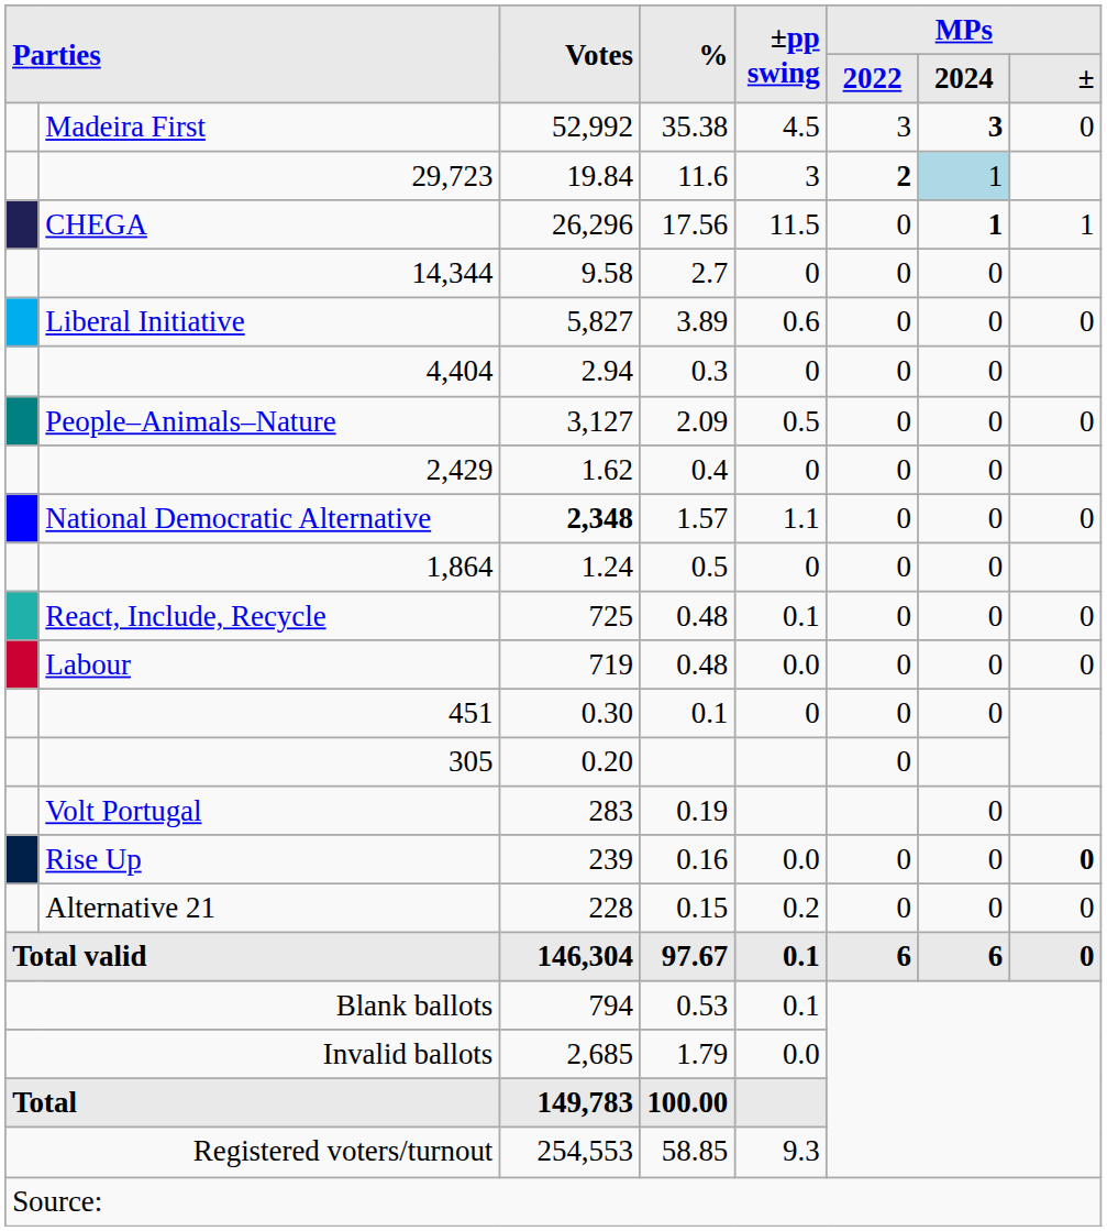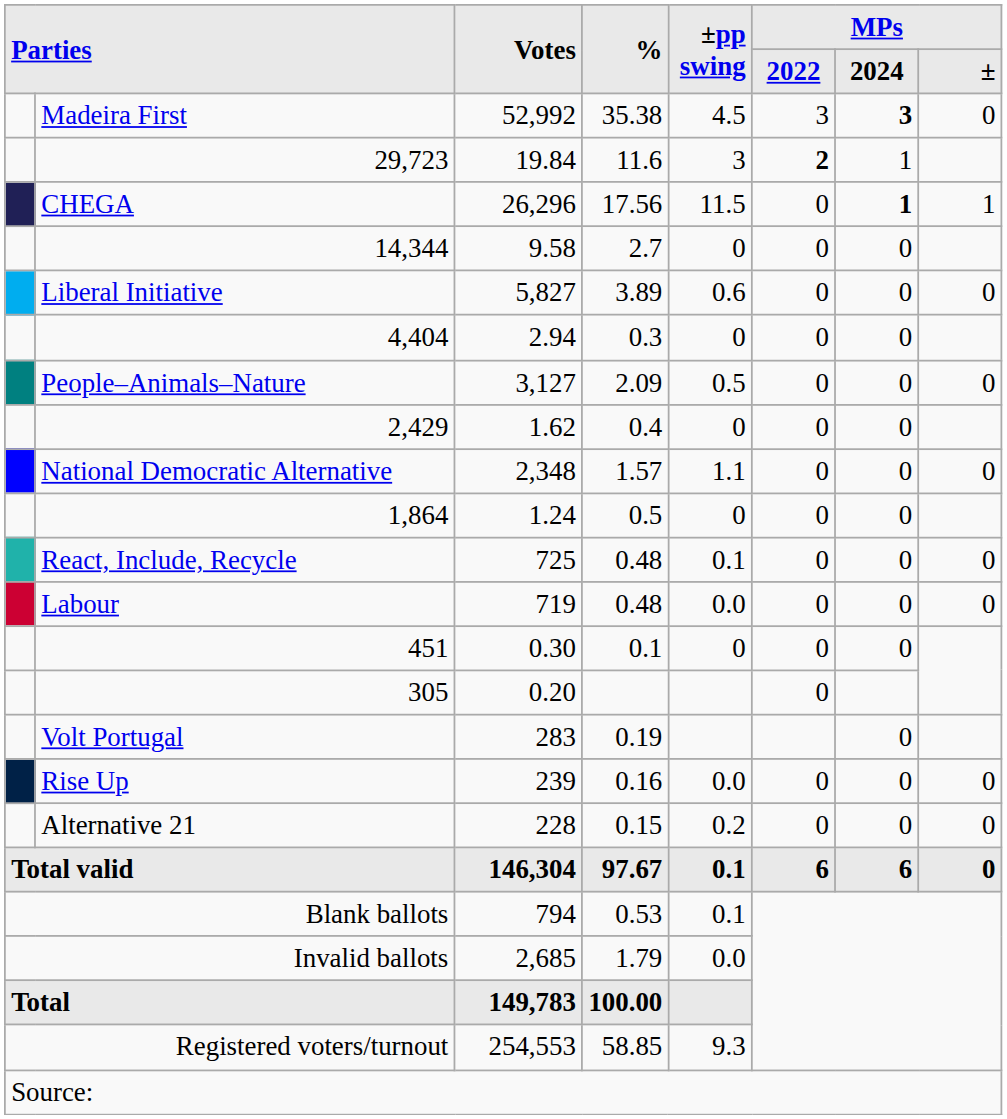 <table class="wikitable" style="text-align:right; font-size:95%;">
 <tr>
 <th rowspan="2" colspan="2" style="background:#e9e9e9; text-align:left;" alignleft><a href='#'>Parties</a></th>
 <th rowspan="2" style="background:#e9e9e9; text-align:right;">Votes</th>
 <th rowspan="2" style="background:#e9e9e9; text-align:right;">%</th>
 <th rowspan="2" style="background:#e9e9e9; text-align:right;">±<a href='#'>pp</a> <a href='#'>swing</a></th>
 <th colspan="3" style="background:#e9e9e9; text-align:center;"><a href='#'>MPs</a></th>
 </tr>
 <tr style="background-color:#E9E9E9">
 <th style="background-color:#E9E9E9;text-align:center;"><a href='#'>2022</a></th>
 <th style="background-color:#E9E9E9;text-align:center;">2024</th>
 <th style="background:#e9e9e9; text-align:right;">±</th>
 </tr>
 <tr>
 <td style="width: 10px"></td>
 <td align="left"><a href='#'>Madeira First</a> </td>
 <td>52,992</td>
 <td>35.38</td>
 <td>4.5</td>
 <td>3</td>
 <td><strong>3</strong></td>
 <td>0</td>
 </tr>
 <tr>
 <td></td>
 <td>29,723</td>
 <td>19.84</td>
 <td>11.6</td>
 <td>3</td>
 <td><strong>2</strong></td>
-<td style="background: lightblue;">1</td>
+<td>1</td>
 </tr>
 <tr>
 <td style="width: 10px" bgcolor="#202056" align="center"></td>
 <td align="left"><a href='#'>CHEGA</a></td>
 <td>26,296</td>
 <td>17.56</td>
 <td>11.5</td>
 <td>0</td>
 <td><strong>1</strong></td>
 <td>1</td>
 </tr>
 <tr>
 <td></td>
 <td>14,344</td>
 <td>9.58</td>
 <td>2.7</td>
 <td>0</td>
 <td>0</td>
 <td>0</td>
 </tr>
 <tr>
 <td style="width: 10px" bgcolor="#00ADEF" align="center"></td>
 <td align="left"><a href='#'>Liberal Initiative</a></td>
 <td>5,827</td>
 <td>3.89</td>
 <td>0.6</td>
 <td>0</td>
 <td>0</td>
 <td>0</td>
 </tr>
 <tr>
 <td></td>
 <td>4,404</td>
 <td>2.94</td>
 <td>0.3</td>
 <td>0</td>
 <td>0</td>
 <td>0</td>
 </tr>
 <tr>
 <td style="width: 10px" bgcolor="teal" align="center"></td>
 <td align="left"><a href='#'>People–Animals–Nature</a></td>
 <td>3,127</td>
 <td>2.09</td>
 <td>0.5</td>
 <td>0</td>
 <td>0</td>
 <td>0</td>
 </tr>
 <tr>
 <td></td>
 <td>2,429</td>
 <td>1.62</td>
 <td>0.4</td>
 <td>0</td>
 <td>0</td>
 <td>0</td>
 </tr>
 <tr>
 <td style="width: 10px" bgcolor="blue" align="center"></td>
 <td align="left"><a href='#'>National Democratic Alternative</a></td>
-<td><strong>2,348</strong></td>
+<td>2,348</td>
 <td>1.57</td>
 <td>1.1</td>
 <td>0</td>
 <td>0</td>
 <td>0</td>
 </tr>
 <tr>
 <td></td>
 <td>1,864</td>
 <td>1.24</td>
 <td>0.5</td>
 <td>0</td>
 <td>0</td>
 <td>0</td>
 </tr>
 <tr>
 <td style="width: 10px" bgcolor="LightSeaGreen" align="center"></td>
 <td align="left"><a href='#'>React, Include, Recycle</a></td>
 <td>725</td>
 <td>0.48</td>
 <td>0.1</td>
 <td>0</td>
 <td>0</td>
 <td>0</td>
 </tr>
 <tr>
 <td style="width: 10px" bgcolor="#CC0033" align="center"></td>
 <td align="left"><a href='#'>Labour</a></td>
 <td>719</td>
 <td>0.48</td>
 <td>0.0</td>
 <td>0</td>
 <td>0</td>
 <td>0</td>
 </tr>
 <tr>
 <td></td>
 <td>451</td>
 <td>0.30</td>
 <td>0.1</td>
 <td>0</td>
 <td>0</td>
 <td>0</td>
 </tr>
 <tr>
 <td></td>
 <td>305</td>
 <td>0.20</td>
 <td></td>
 <td></td>
 <td>0</td>
 <td></td>
 </tr>
 <tr>
 <td style="width: 10px"></td>
 <td align="left"><a href='#'>Volt Portugal</a></td>
 <td>283</td>
 <td>0.19</td>
 <td></td>
 <td></td>
 <td>0</td>
 <td></td>
 </tr>
 <tr>
 <td style="width: 10px" bgcolor="#002147" align="center"></td>
 <td align="left"><a href='#'>Rise Up</a></td>
 <td>239</td>
 <td>0.16</td>
 <td>0.0</td>
 <td>0</td>
 <td>0</td>
-<td><strong>0</strong></td>
+<td>0</td>
 </tr>
 <tr>
 <td style="width: 10px"></td>
 <td align="left">Alternative 21 </td>
 <td>228</td>
 <td>0.15</td>
 <td>0.2</td>
 <td>0</td>
 <td>0</td>
 <td>0</td>
 </tr>
 <tr>
 <td colspan=2 width="247" align=left style="background-color:#E9E9E9"><strong>Total valid</strong></td>
 <td width="65" align="right" style="background-color:#E9E9E9"><strong>146,304</strong></td>
 <td width="40" align="right" style="background-color:#E9E9E9"><strong>97.67</strong></td>
 <td width="40" align="right" style="background-color:#E9E9E9"><strong>0.1</strong></td>
 <td width="40" align="right" style="background-color:#E9E9E9"><strong>6</strong></td>
 <td width="40" align="right" style="background-color:#E9E9E9"><strong>6</strong></td>
 <td width="40" align="right" style="background-color:#E9E9E9"><strong>0</strong></td>
 </tr>
 <tr>
 <td colspan=2>Blank ballots</td>
 <td>794</td>
 <td>0.53</td>
 <td>0.1</td>
 <td colspan="3" rowspan="4"></td>
 </tr>
 <tr>
 <td colspan=2>Invalid ballots</td>
 <td>2,685</td>
 <td>1.79</td>
 <td>0.0</td>
 </tr>
 <tr>
 <td colspan=2 align=left style="background-color:#E9E9E9"><strong>Total</strong></td>
 <td width="50" align="right" style="background-color:#E9E9E9"><strong>149,783</strong></td>
 <td width="40" align="right" style="background-color:#E9E9E9"><strong>100.00</strong></td>
 <td width="40" align="right" style="background-color:#E9E9E9"></td>
 </tr>
 <tr>
 <td colspan=2>Registered voters/turnout</td>
 <td>254,553</td>
 <td>58.85</td>
 <td>9.3</td>
 </tr>
 <tr>
 <td colspan=8 align=left>Source: </td>
 </tr>
 </table>
